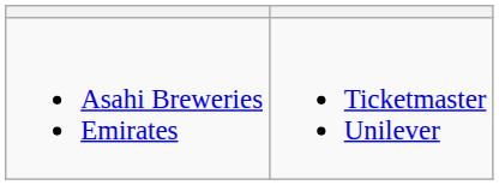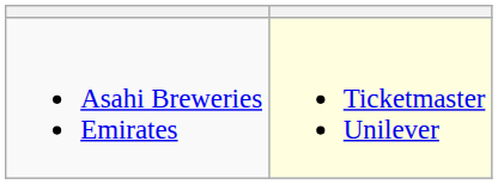 <table class="wikitable">
 <tr>
 <th></th>
 <th></th>
 </tr>
 <tr>
 <td style="vertical-align:top"><br><ul><li><a href='#'>Asahi Breweries</a></li><li><a href='#'>Emirates</a></li></ul></td>
-<td style="vertical-align:top"><br><ul><li><a href='#'>Ticketmaster</a></li><li><a href='#'>Unilever</a></li></ul></td>
+<td style="background: lightyellow; vertical-align:top"><br><ul><li><a href='#'>Ticketmaster</a></li><li><a href='#'>Unilever</a></li></ul></td>
 </tr>
 </table>
